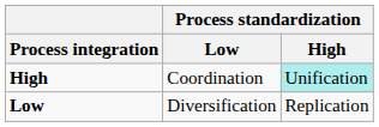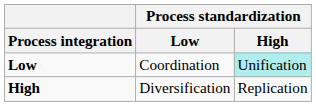 <table class="wikitable">
 <tr>
 <th></th>
 <th colspan="2">Process standardization</th>
 </tr>
 <tr>
 <th>Process integration</th>
 <th>Low</th>
 <th>High</th>
 </tr>
 <tr>
-<td><strong>High</strong></td>
+<td><strong>Low</strong></td>
 <td>Coordination</td>
 <td style="background: paleturquoise;">Unification</td>
 </tr>
 <tr>
-<td><strong>Low</strong></td>
+<td><strong>High</strong></td>
 <td>Diversification</td>
 <td>Replication</td>
 </tr>
 </table>
